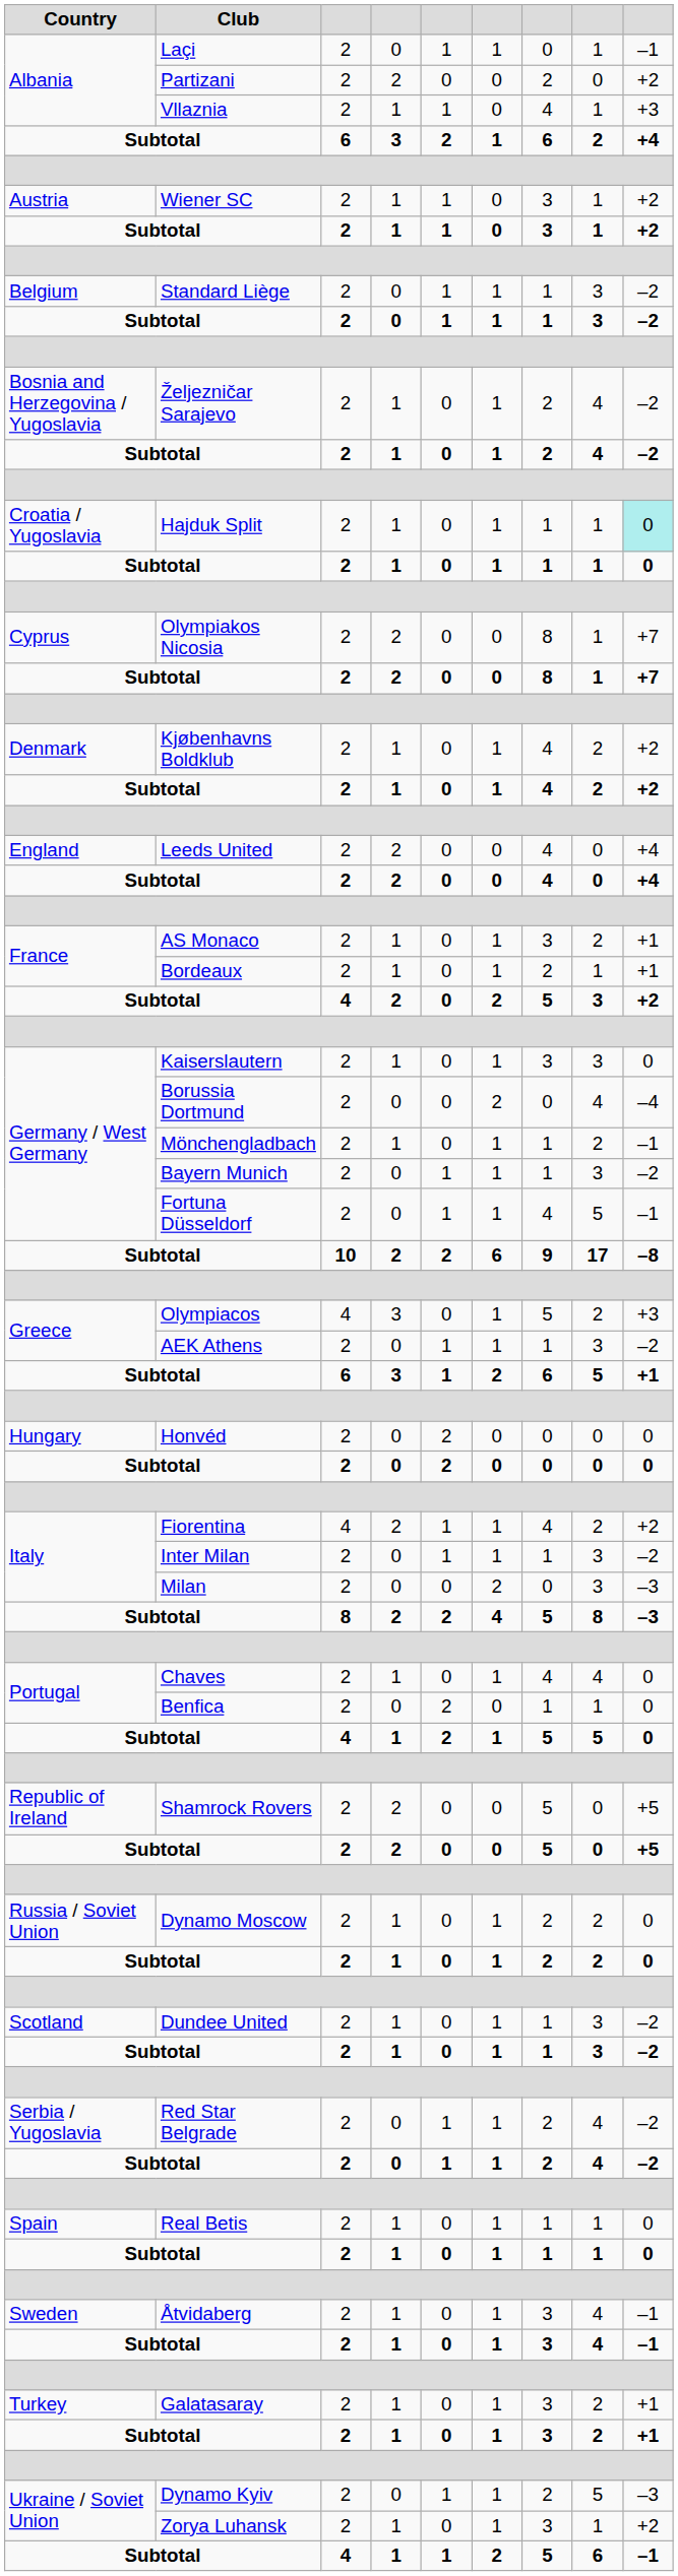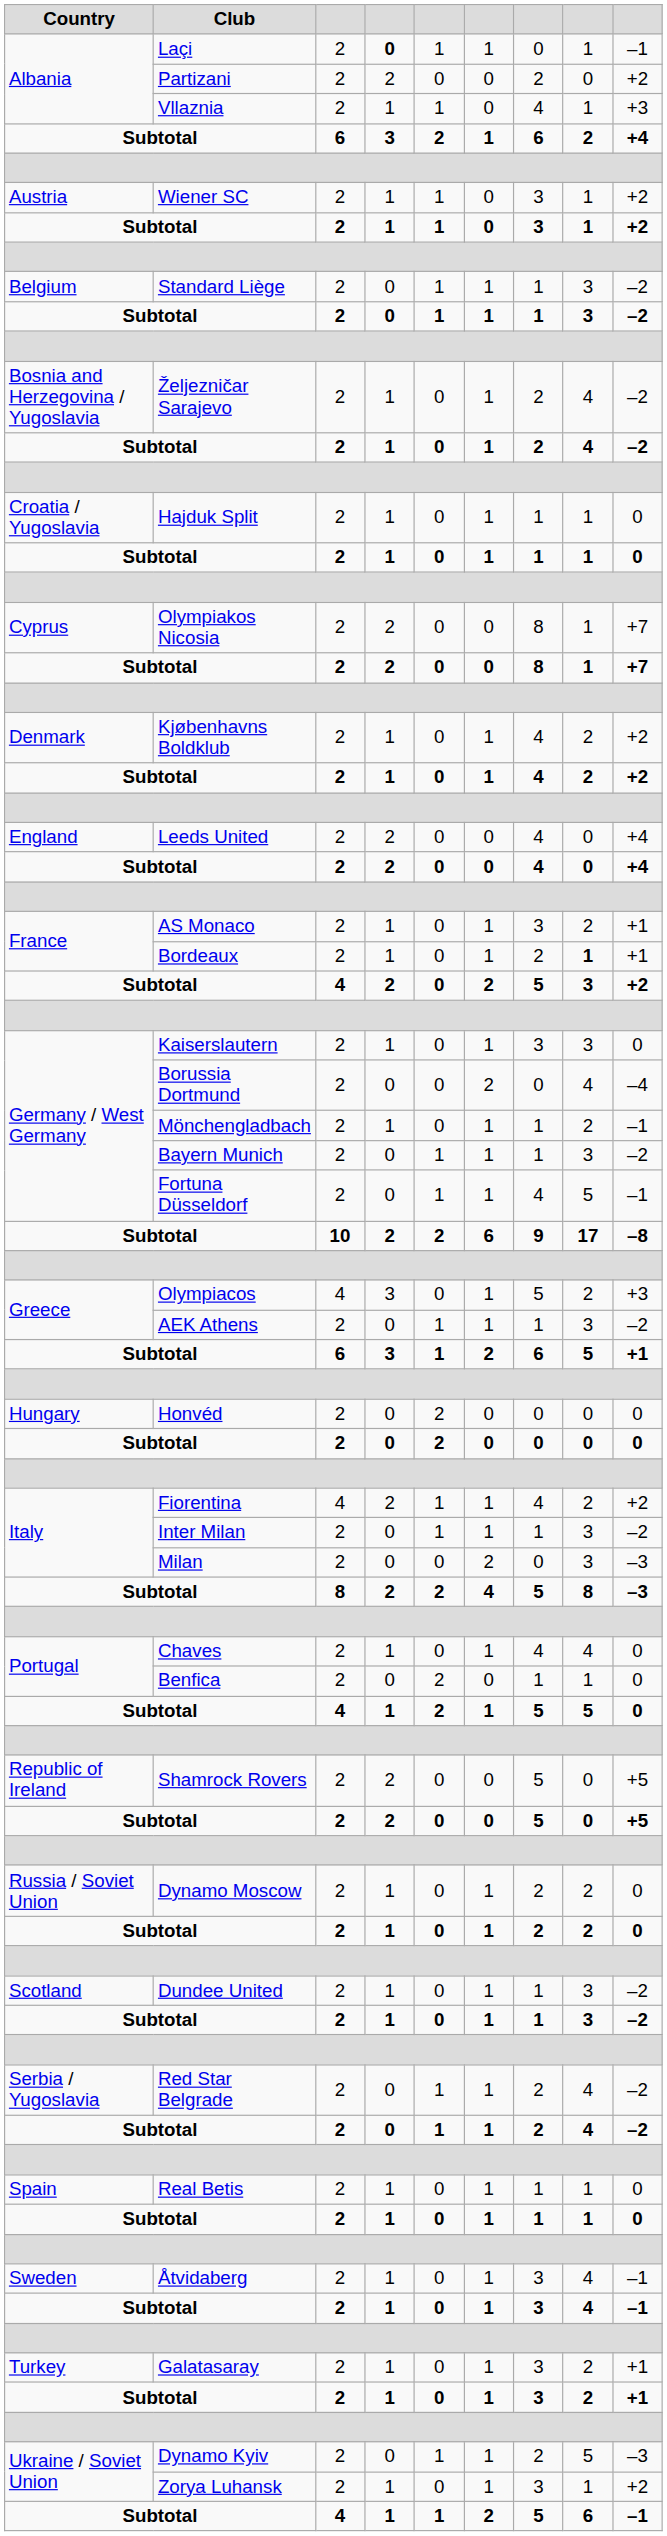 <table class="wikitable" style="text-align: center;">
 <tr>
 <th width="120" style="background:#DCDCDC">Country</th>
 <th width="120" style="background:#DCDCDC">Club</th>
 <th width="35" style="background:#DCDCDC"></th>
 <th width="35" style="background:#DCDCDC"></th>
 <th width="35" style="background:#DCDCDC"></th>
 <th width="35" style="background:#DCDCDC"></th>
 <th width="35" style="background:#DCDCDC"></th>
 <th width="35" style="background:#DCDCDC"></th>
 <th width="35" style="background:#DCDCDC"></th>
 </tr>
 <tr>
 <td rowspan=3 align=left> <a href='#'>Albania</a></td>
 <td align=left><a href='#'>Laçi</a></td>
 <td>2</td>
-<td>0</td>
+<td><strong>0</strong></td>
 <td>1</td>
 <td>1</td>
 <td>0</td>
 <td>1</td>
 <td>–1</td>
 </tr>
 <tr>
 <td align=left><a href='#'>Partizani</a></td>
 <td>2</td>
 <td>2</td>
 <td>0</td>
 <td>0</td>
 <td>2</td>
 <td>0</td>
 <td>+2</td>
 </tr>
 <tr>
 <td align=left><a href='#'>Vllaznia</a></td>
 <td>2</td>
 <td>1</td>
 <td>1</td>
 <td>0</td>
 <td>4</td>
 <td>1</td>
 <td>+3</td>
 </tr>
 <tr>
 <td colspan=2 align-"center"><strong>Subtotal</strong></td>
 <td><strong>6</strong></td>
 <td><strong>3</strong></td>
 <td><strong>2</strong></td>
 <td><strong>1</strong></td>
 <td><strong>6</strong></td>
 <td><strong>2</strong></td>
 <td><strong>+4</strong></td>
 </tr>
 <tr>
 <th colspan=9 height="18" style="background:#DCDCDC"></th>
 </tr>
 <tr>
 <td align=left> <a href='#'>Austria</a></td>
 <td align=left><a href='#'>Wiener SC</a></td>
 <td>2</td>
 <td>1</td>
 <td>1</td>
 <td>0</td>
 <td>3</td>
 <td>1</td>
 <td>+2</td>
 </tr>
 <tr>
 <td colspan=2 align-"center"><strong>Subtotal</strong></td>
 <td><strong>2</strong></td>
 <td><strong>1</strong></td>
 <td><strong>1</strong></td>
 <td><strong>0</strong></td>
 <td><strong>3</strong></td>
 <td><strong>1</strong></td>
 <td><strong>+2</strong></td>
 </tr>
 <tr>
 <th colspan=9 height="18" style="background:#DCDCDC"></th>
 </tr>
 <tr>
 <td align=left> <a href='#'>Belgium</a></td>
 <td align=left><a href='#'>Standard Liège</a></td>
 <td>2</td>
 <td>0</td>
 <td>1</td>
 <td>1</td>
 <td>1</td>
 <td>3</td>
 <td>–2</td>
 </tr>
 <tr>
 <td colspan=2 align-"center"><strong>Subtotal</strong></td>
 <td><strong>2</strong></td>
 <td><strong>0</strong></td>
 <td><strong>1</strong></td>
 <td><strong>1</strong></td>
 <td><strong>1</strong></td>
 <td><strong>3</strong></td>
 <td><strong>–2</strong></td>
 </tr>
 <tr>
 <th colspan=9 height="18" style="background:#DCDCDC"></th>
 </tr>
 <tr>
 <td align=left> <a href='#'>Bosnia and Herzegovina</a> /  <a href='#'>Yugoslavia</a></td>
 <td align=left><a href='#'>Željezničar Sarajevo</a></td>
 <td>2</td>
 <td>1</td>
 <td>0</td>
 <td>1</td>
 <td>2</td>
 <td>4</td>
 <td>–2</td>
 </tr>
 <tr>
 <td colspan=2 align-"center"><strong>Subtotal</strong></td>
 <td><strong>2</strong></td>
 <td><strong>1</strong></td>
 <td><strong>0</strong></td>
 <td><strong>1</strong></td>
 <td><strong>2</strong></td>
 <td><strong>4</strong></td>
 <td><strong>–2</strong></td>
 </tr>
 <tr>
 <th colspan=9 height="18" style="background:#DCDCDC"></th>
 </tr>
 <tr>
 <td align=left> <a href='#'>Croatia</a> /  <a href='#'>Yugoslavia</a></td>
 <td align=left><a href='#'>Hajduk Split</a></td>
 <td>2</td>
 <td>1</td>
 <td>0</td>
 <td>1</td>
 <td>1</td>
 <td>1</td>
-<td style="background: paleturquoise;">0</td>
+<td>0</td>
 </tr>
 <tr>
 <td colspan=2 align-"center"><strong>Subtotal</strong></td>
 <td><strong>2</strong></td>
 <td><strong>1</strong></td>
 <td><strong>0</strong></td>
 <td><strong>1</strong></td>
 <td><strong>1</strong></td>
 <td><strong>1</strong></td>
 <td><strong>0</strong></td>
 </tr>
 <tr>
 <th colspan=9 height="18" style="background:#DCDCDC"></th>
 </tr>
 <tr>
 <td align=left> <a href='#'>Cyprus</a></td>
 <td align=left><a href='#'>Olympiakos Nicosia</a></td>
 <td>2</td>
 <td>2</td>
 <td>0</td>
 <td>0</td>
 <td>8</td>
 <td>1</td>
 <td>+7</td>
 </tr>
 <tr>
 <td colspan=2 align-"center"><strong>Subtotal</strong></td>
 <td><strong>2</strong></td>
 <td><strong>2</strong></td>
 <td><strong>0</strong></td>
 <td><strong>0</strong></td>
 <td><strong>8</strong></td>
 <td><strong>1</strong></td>
 <td><strong>+7</strong></td>
 </tr>
 <tr>
 <th colspan=9 height="18" style="background:#DCDCDC"></th>
 </tr>
 <tr>
 <td align=left> <a href='#'>Denmark</a></td>
 <td align=left><a href='#'>Kjøbenhavns Boldklub</a></td>
 <td>2</td>
 <td>1</td>
 <td>0</td>
 <td>1</td>
 <td>4</td>
 <td>2</td>
 <td>+2</td>
 </tr>
 <tr>
 <td colspan=2 align-"center"><strong>Subtotal</strong></td>
 <td><strong>2</strong></td>
 <td><strong>1</strong></td>
 <td><strong>0</strong></td>
 <td><strong>1</strong></td>
 <td><strong>4</strong></td>
 <td><strong>2</strong></td>
 <td><strong>+2</strong></td>
 </tr>
 <tr>
 <th colspan=9 height="18" style="background:#DCDCDC"></th>
 </tr>
 <tr>
 <td align=left> <a href='#'>England</a></td>
 <td align=left><a href='#'>Leeds United</a></td>
 <td>2</td>
 <td>2</td>
 <td>0</td>
 <td>0</td>
 <td>4</td>
 <td>0</td>
 <td>+4</td>
 </tr>
 <tr>
 <td colspan=2 align-"center"><strong>Subtotal</strong></td>
 <td><strong>2</strong></td>
 <td><strong>2</strong></td>
 <td><strong>0</strong></td>
 <td><strong>0</strong></td>
 <td><strong>4</strong></td>
 <td><strong>0</strong></td>
 <td><strong>+4</strong></td>
 </tr>
 <tr>
 <th colspan=9 height="18" style="background:#DCDCDC"></th>
 </tr>
 <tr>
 <td rowspan=2 align=left> <a href='#'>France</a></td>
 <td align=left><a href='#'>AS Monaco</a></td>
 <td>2</td>
 <td>1</td>
 <td>0</td>
 <td>1</td>
 <td>3</td>
 <td>2</td>
 <td>+1</td>
 </tr>
 <tr>
 <td align=left><a href='#'>Bordeaux</a></td>
 <td>2</td>
 <td>1</td>
 <td>0</td>
 <td>1</td>
 <td>2</td>
-<td>1</td>
+<td><strong>1</strong></td>
 <td>+1</td>
 </tr>
 <tr>
 <td colspan=2 align-"center"><strong>Subtotal</strong></td>
 <td><strong>4</strong></td>
 <td><strong>2</strong></td>
 <td><strong>0</strong></td>
 <td><strong>2</strong></td>
 <td><strong>5</strong></td>
 <td><strong>3</strong></td>
 <td><strong>+2</strong></td>
 </tr>
 <tr>
 <th colspan=9 height="18" style="background:#DCDCDC"></th>
 </tr>
 <tr>
 <td rowspan=5 align=left> <a href='#'>Germany</a> / <a href='#'>West Germany</a></td>
 <td align=left><a href='#'>Kaiserslautern</a></td>
 <td>2</td>
 <td>1</td>
 <td>0</td>
 <td>1</td>
 <td>3</td>
 <td>3</td>
 <td>0</td>
 </tr>
 <tr>
 <td align=left><a href='#'>Borussia Dortmund</a></td>
 <td>2</td>
 <td>0</td>
 <td>0</td>
 <td>2</td>
 <td>0</td>
 <td>4</td>
 <td>–4</td>
 </tr>
 <tr>
 <td align=left><a href='#'>Mönchengladbach</a></td>
 <td>2</td>
 <td>1</td>
 <td>0</td>
 <td>1</td>
 <td>1</td>
 <td>2</td>
 <td>–1</td>
 </tr>
 <tr>
 <td align=left><a href='#'>Bayern Munich</a></td>
 <td>2</td>
 <td>0</td>
 <td>1</td>
 <td>1</td>
 <td>1</td>
 <td>3</td>
 <td>–2</td>
 </tr>
 <tr>
 <td align=left><a href='#'>Fortuna Düsseldorf</a></td>
 <td>2</td>
 <td>0</td>
 <td>1</td>
 <td>1</td>
 <td>4</td>
 <td>5</td>
 <td>–1</td>
 </tr>
 <tr>
 <td colspan=2 align-"center"><strong>Subtotal</strong></td>
 <td><strong>10</strong></td>
 <td><strong>2</strong></td>
 <td><strong>2</strong></td>
 <td><strong>6</strong></td>
 <td><strong>9</strong></td>
 <td><strong>17</strong></td>
 <td><strong>–8</strong></td>
 </tr>
 <tr>
 <th colspan=9 height="18" style="background:#DCDCDC"></th>
 </tr>
 <tr>
 <td rowspan=2 align=left> <a href='#'>Greece</a></td>
 <td align=left><a href='#'>Olympiacos</a></td>
 <td>4</td>
 <td>3</td>
 <td>0</td>
 <td>1</td>
 <td>5</td>
 <td>2</td>
 <td>+3</td>
 </tr>
 <tr>
 <td align=left><a href='#'>AEK Athens</a></td>
 <td>2</td>
 <td>0</td>
 <td>1</td>
 <td>1</td>
 <td>1</td>
 <td>3</td>
 <td>–2</td>
 </tr>
 <tr>
 <td colspan=2 align-"center"><strong>Subtotal</strong></td>
 <td><strong>6</strong></td>
 <td><strong>3</strong></td>
 <td><strong>1</strong></td>
 <td><strong>2</strong></td>
 <td><strong>6</strong></td>
 <td><strong>5</strong></td>
 <td><strong>+1</strong></td>
 </tr>
 <tr>
 <th colspan=9 height="18" style="background:#DCDCDC"></th>
 </tr>
 <tr>
 <td align=left> <a href='#'>Hungary</a></td>
 <td align=left><a href='#'>Honvéd</a></td>
 <td>2</td>
 <td>0</td>
 <td>2</td>
 <td>0</td>
 <td>0</td>
 <td>0</td>
 <td>0</td>
 </tr>
 <tr>
 <td colspan=2 align-"center"><strong>Subtotal</strong></td>
 <td><strong>2</strong></td>
 <td><strong>0</strong></td>
 <td><strong>2</strong></td>
 <td><strong>0</strong></td>
 <td><strong>0</strong></td>
 <td><strong>0</strong></td>
 <td><strong>0</strong></td>
 </tr>
 <tr>
 <th colspan=9 height="18" style="background:#DCDCDC"></th>
 </tr>
 <tr>
 <td rowspan=3 align=left> <a href='#'>Italy</a></td>
 <td align=left><a href='#'>Fiorentina</a></td>
 <td>4</td>
 <td>2</td>
 <td>1</td>
 <td>1</td>
 <td>4</td>
 <td>2</td>
 <td>+2</td>
 </tr>
 <tr>
 <td align=left><a href='#'>Inter Milan</a></td>
 <td>2</td>
 <td>0</td>
 <td>1</td>
 <td>1</td>
 <td>1</td>
 <td>3</td>
 <td>–2</td>
 </tr>
 <tr>
 <td align=left><a href='#'>Milan</a></td>
 <td>2</td>
 <td>0</td>
 <td>0</td>
 <td>2</td>
 <td>0</td>
 <td>3</td>
 <td>–3</td>
 </tr>
 <tr>
 <td colspan=2 align-"center"><strong>Subtotal</strong></td>
 <td><strong>8</strong></td>
 <td><strong>2</strong></td>
 <td><strong>2</strong></td>
 <td><strong>4</strong></td>
 <td><strong>5</strong></td>
 <td><strong>8</strong></td>
 <td><strong>–3</strong></td>
 </tr>
 <tr>
 <th colspan=9 height="18" style="background:#DCDCDC"></th>
 </tr>
 <tr>
 <td rowspan=2 align=left> <a href='#'>Portugal</a></td>
 <td align=left><a href='#'>Chaves</a></td>
 <td>2</td>
 <td>1</td>
 <td>0</td>
 <td>1</td>
 <td>4</td>
 <td>4</td>
 <td>0</td>
 </tr>
 <tr>
 <td align=left><a href='#'>Benfica</a></td>
 <td>2</td>
 <td>0</td>
 <td>2</td>
 <td>0</td>
 <td>1</td>
 <td>1</td>
 <td>0</td>
 </tr>
 <tr>
 <td colspan=2 align-"center"><strong>Subtotal</strong></td>
 <td><strong>4</strong></td>
 <td><strong>1</strong></td>
 <td><strong>2</strong></td>
 <td><strong>1</strong></td>
 <td><strong>5</strong></td>
 <td><strong>5</strong></td>
 <td><strong>0</strong></td>
 </tr>
 <tr>
 <th colspan=9 height="18" style="background:#DCDCDC"></th>
 </tr>
 <tr>
 <td align=left> <a href='#'>Republic of Ireland</a></td>
 <td align=left><a href='#'>Shamrock Rovers</a></td>
 <td>2</td>
 <td>2</td>
 <td>0</td>
 <td>0</td>
 <td>5</td>
 <td>0</td>
 <td>+5</td>
 </tr>
 <tr>
 <td colspan=2 align-"center"><strong>Subtotal</strong></td>
 <td><strong>2</strong></td>
 <td><strong>2</strong></td>
 <td><strong>0</strong></td>
 <td><strong>0</strong></td>
 <td><strong>5</strong></td>
 <td><strong>0</strong></td>
 <td><strong>+5</strong></td>
 </tr>
 <tr>
 <th colspan=9 height="18" style="background:#DCDCDC"></th>
 </tr>
 <tr>
 <td align=left> <a href='#'>Russia</a> /  <a href='#'>Soviet Union</a></td>
 <td align=left><a href='#'>Dynamo Moscow</a></td>
 <td>2</td>
 <td>1</td>
 <td>0</td>
 <td>1</td>
 <td>2</td>
 <td>2</td>
 <td>0</td>
 </tr>
 <tr>
 <td colspan=2 align-"center"><strong>Subtotal</strong></td>
 <td><strong>2</strong></td>
 <td><strong>1</strong></td>
 <td><strong>0</strong></td>
 <td><strong>1</strong></td>
 <td><strong>2</strong></td>
 <td><strong>2</strong></td>
 <td><strong>0</strong></td>
 </tr>
 <tr>
 <th colspan=9 height="18" style="background:#DCDCDC"></th>
 </tr>
 <tr>
 <td align=left> <a href='#'>Scotland</a></td>
 <td align=left><a href='#'>Dundee United</a></td>
 <td>2</td>
 <td>1</td>
 <td>0</td>
 <td>1</td>
 <td>1</td>
 <td>3</td>
 <td>–2</td>
 </tr>
 <tr>
 <td colspan=2 align-"center"><strong>Subtotal</strong></td>
 <td><strong>2</strong></td>
 <td><strong>1</strong></td>
 <td><strong>0</strong></td>
 <td><strong>1</strong></td>
 <td><strong>1</strong></td>
 <td><strong>3</strong></td>
 <td><strong>–2</strong></td>
 </tr>
 <tr>
 <th colspan=9 height="18" style="background:#DCDCDC"></th>
 </tr>
 <tr>
 <td align=left> <a href='#'>Serbia</a> /  <a href='#'>Yugoslavia</a></td>
 <td align=left><a href='#'>Red Star Belgrade</a></td>
 <td>2</td>
 <td>0</td>
 <td>1</td>
 <td>1</td>
 <td>2</td>
 <td>4</td>
 <td>–2</td>
 </tr>
 <tr>
 <td colspan=2 align-"center"><strong>Subtotal</strong></td>
 <td><strong>2</strong></td>
 <td><strong>0</strong></td>
 <td><strong>1</strong></td>
 <td><strong>1</strong></td>
 <td><strong>2</strong></td>
 <td><strong>4</strong></td>
 <td><strong>–2</strong></td>
 </tr>
 <tr>
 <th colspan=9 height="18" style="background:#DCDCDC"></th>
 </tr>
 <tr>
 <td align=left> <a href='#'>Spain</a></td>
 <td align=left><a href='#'>Real Betis</a></td>
 <td>2</td>
 <td>1</td>
 <td>0</td>
 <td>1</td>
 <td>1</td>
 <td>1</td>
 <td>0</td>
 </tr>
 <tr>
 <td colspan=2 align-"center"><strong>Subtotal</strong></td>
 <td><strong>2</strong></td>
 <td><strong>1</strong></td>
 <td><strong>0</strong></td>
 <td><strong>1</strong></td>
 <td><strong>1</strong></td>
 <td><strong>1</strong></td>
 <td><strong>0</strong></td>
 </tr>
 <tr>
 <th colspan=9 height="18" style="background:#DCDCDC"></th>
 </tr>
 <tr>
 <td align=left> <a href='#'>Sweden</a></td>
 <td align=left><a href='#'>Åtvidaberg</a></td>
 <td>2</td>
 <td>1</td>
 <td>0</td>
 <td>1</td>
 <td>3</td>
 <td>4</td>
 <td>–1</td>
 </tr>
 <tr>
 <td colspan=2 align-"center"><strong>Subtotal</strong></td>
 <td><strong>2</strong></td>
 <td><strong>1</strong></td>
 <td><strong>0</strong></td>
 <td><strong>1</strong></td>
 <td><strong>3</strong></td>
 <td><strong>4</strong></td>
 <td><strong>–1</strong></td>
 </tr>
 <tr>
 <th colspan=9 height="18" style="background:#DCDCDC"></th>
 </tr>
 <tr>
 <td align=left> <a href='#'>Turkey</a></td>
 <td align=left><a href='#'>Galatasaray</a></td>
 <td>2</td>
 <td>1</td>
 <td>0</td>
 <td>1</td>
 <td>3</td>
 <td>2</td>
 <td>+1</td>
 </tr>
 <tr>
 <td colspan=2 align-"center"><strong>Subtotal</strong></td>
 <td><strong>2</strong></td>
 <td><strong>1</strong></td>
 <td><strong>0</strong></td>
 <td><strong>1</strong></td>
 <td><strong>3</strong></td>
 <td><strong>2</strong></td>
 <td><strong>+1</strong></td>
 </tr>
 <tr>
 <th colspan=9 height="18" style="background:#DCDCDC"></th>
 </tr>
 <tr>
 <td rowspan=2 align=left> <a href='#'>Ukraine</a> /  <a href='#'>Soviet Union</a></td>
 <td align=left><a href='#'>Dynamo Kyiv</a></td>
 <td>2</td>
 <td>0</td>
 <td>1</td>
 <td>1</td>
 <td>2</td>
 <td>5</td>
 <td>–3</td>
 </tr>
 <tr>
 <td align=left><a href='#'>Zorya Luhansk</a></td>
 <td>2</td>
 <td>1</td>
 <td>0</td>
 <td>1</td>
 <td>3</td>
 <td>1</td>
 <td>+2</td>
 </tr>
 <tr>
 <td colspan=2 align-"center"><strong>Subtotal</strong></td>
 <td><strong>4</strong></td>
 <td><strong>1</strong></td>
 <td><strong>1</strong></td>
 <td><strong>2</strong></td>
 <td><strong>5</strong></td>
 <td><strong>6</strong></td>
 <td><strong>–1</strong></td>
 </tr>
 </table>
